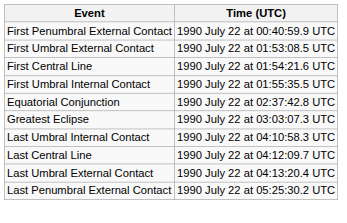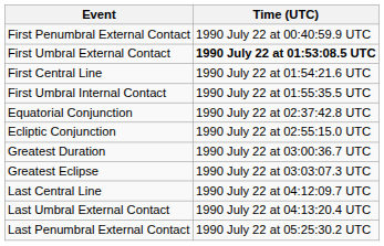 <table class="wikitable">
 <tr>
 <th>Event</th>
 <th>Time (UTC)</th>
 </tr>
 <tr>
 <td>First Penumbral External Contact</td>
 <td>1990 July 22 at 00:40:59.9 UTC</td>
 </tr>
 <tr>
 <td>First Umbral External Contact</td>
-<td>1990 July 22 at 01:53:08.5 UTC</td>
+<td><strong>1990 July 22 at 01:53:08.5 UTC</strong></td>
 </tr>
 <tr>
 <td>First Central Line</td>
 <td>1990 July 22 at 01:54:21.6 UTC</td>
 </tr>
 <tr>
 <td>First Umbral Internal Contact</td>
 <td>1990 July 22 at 01:55:35.5 UTC</td>
 </tr>
 <tr>
 <td>Equatorial Conjunction</td>
 <td>1990 July 22 at 02:37:42.8 UTC</td>
 </tr>
 <tr>
+<td>Ecliptic Conjunction</td>
+<td>1990 July 22 at 02:55:15.0 UTC</td>
+</tr>
+<tr>
+<td>Greatest Duration</td>
+<td>1990 July 22 at 03:00:36.7 UTC</td>
+</tr>
+<tr>
 <td>Greatest Eclipse</td>
 <td>1990 July 22 at 03:03:07.3 UTC</td>
-</tr>
-<tr>
-<td>Last Umbral Internal Contact</td>
-<td>1990 July 22 at 04:10:58.3 UTC</td>
 </tr>
 <tr>
 <td>Last Central Line</td>
 <td>1990 July 22 at 04:12:09.7 UTC</td>
 </tr>
 <tr>
 <td>Last Umbral External Contact</td>
 <td>1990 July 22 at 04:13:20.4 UTC</td>
 </tr>
 <tr>
 <td>Last Penumbral External Contact</td>
 <td>1990 July 22 at 05:25:30.2 UTC</td>
 </tr>
 </table>
